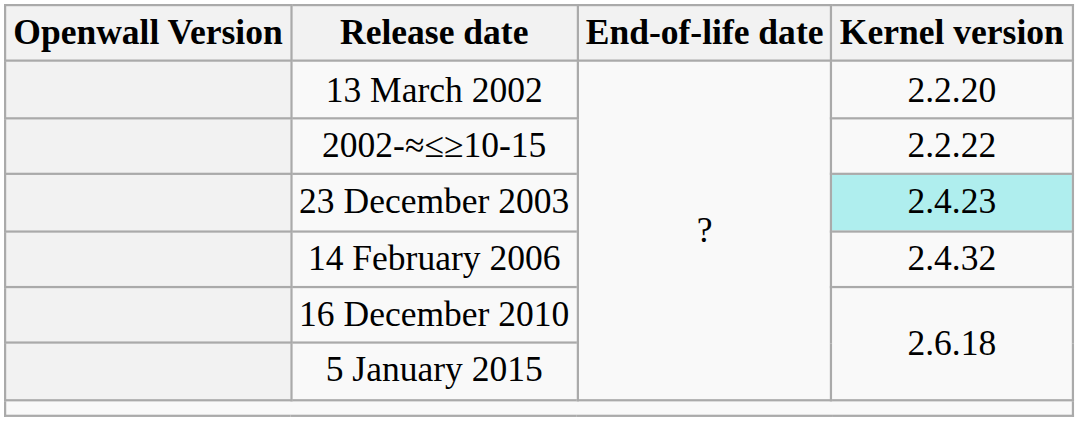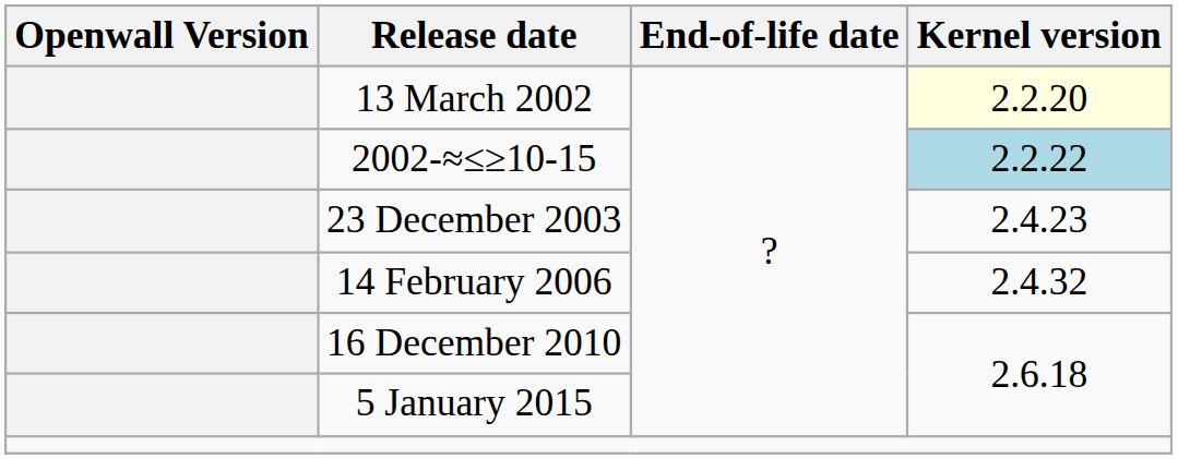 <table class="wikitable" style="text-align: center;">
 <tr>
 <th>Openwall Version</th>
 <th>Release date</th>
 <th>End-of-life date</th>
 <th>Kernel version</th>
 </tr>
 <tr>
 <th></th>
 <td>13 March 2002</td>
 <td rowspan="6">?</td>
-<td>2.2.20</td>
+<td style="background: lightyellow;">2.2.20</td>
 </tr>
 <tr>
 <th></th>
 <td>2002-≈≤≥10-15</td>
-<td>2.2.22</td>
+<td style="background: lightblue;">2.2.22</td>
 </tr>
 <tr>
 <th></th>
 <td>23 December 2003</td>
-<td style="background: paleturquoise;">2.4.23</td>
+<td>2.4.23</td>
 </tr>
 <tr>
 <th></th>
 <td>14 February 2006</td>
 <td>2.4.32</td>
 </tr>
 <tr>
 <th></th>
 <td>16 December 2010</td>
 <td rowspan="2">2.6.18</td>
 </tr>
 <tr>
 <th></th>
 <td>5 January 2015</td>
 </tr>
 <tr>
 <td colspan="4"><small></small></td>
 </tr>
 </table>
